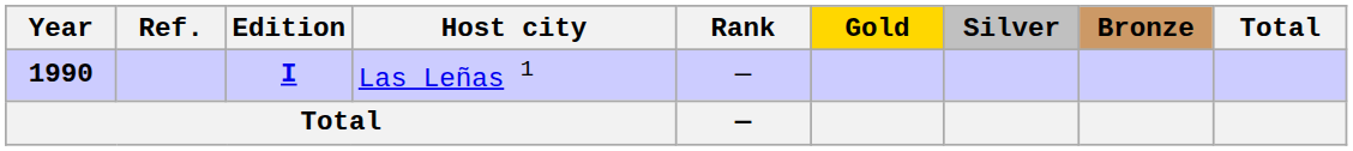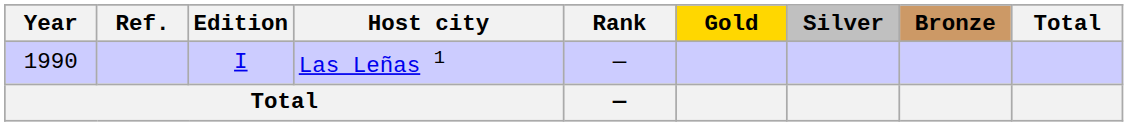 <table class="wikitable sortable" style="text-align:center;">
 <tr>
 <th scope="col"> Year </th>
 <th scope="col" class="unsortable"> Ref. </th>
 <th scope="col">Edition</th>
 <th scope="col" style="width:150px;">Host city</th>
 <th scope="col" style="width:4.5em;"> Rank </th>
 <th scope="col" style="width:4.5em; background:gold">Gold</th>
 <th scope="col" style="width:4.5em; background:silver">Silver</th>
 <th scope="col" style="width:4.5em; background:#cc9966">Bronze</th>
 <th scope="col" style="width:4.5em;">Total</th>
 </tr>
 <tr style="background-color:#ccccff">
-<td><strong>1990</strong></td>
+<td>1990</td>
 <td></td>
-<td><strong><a href='#'>I</a></strong></td>
+<td><a href='#'>I</a></td>
 <td align=left> <a href='#'>Las Leñas</a> <sup>1</sup></td>
 <td>—</td>
 <td></td>
 <td></td>
 <td></td>
 <td></td>
 </tr>
 <tr class="sortbottom">
 <th colspan=4>Total</th>
 <th>—</th>
 <th></th>
 <th></th>
 <th></th>
 <th></th>
 </tr>
 </table>
